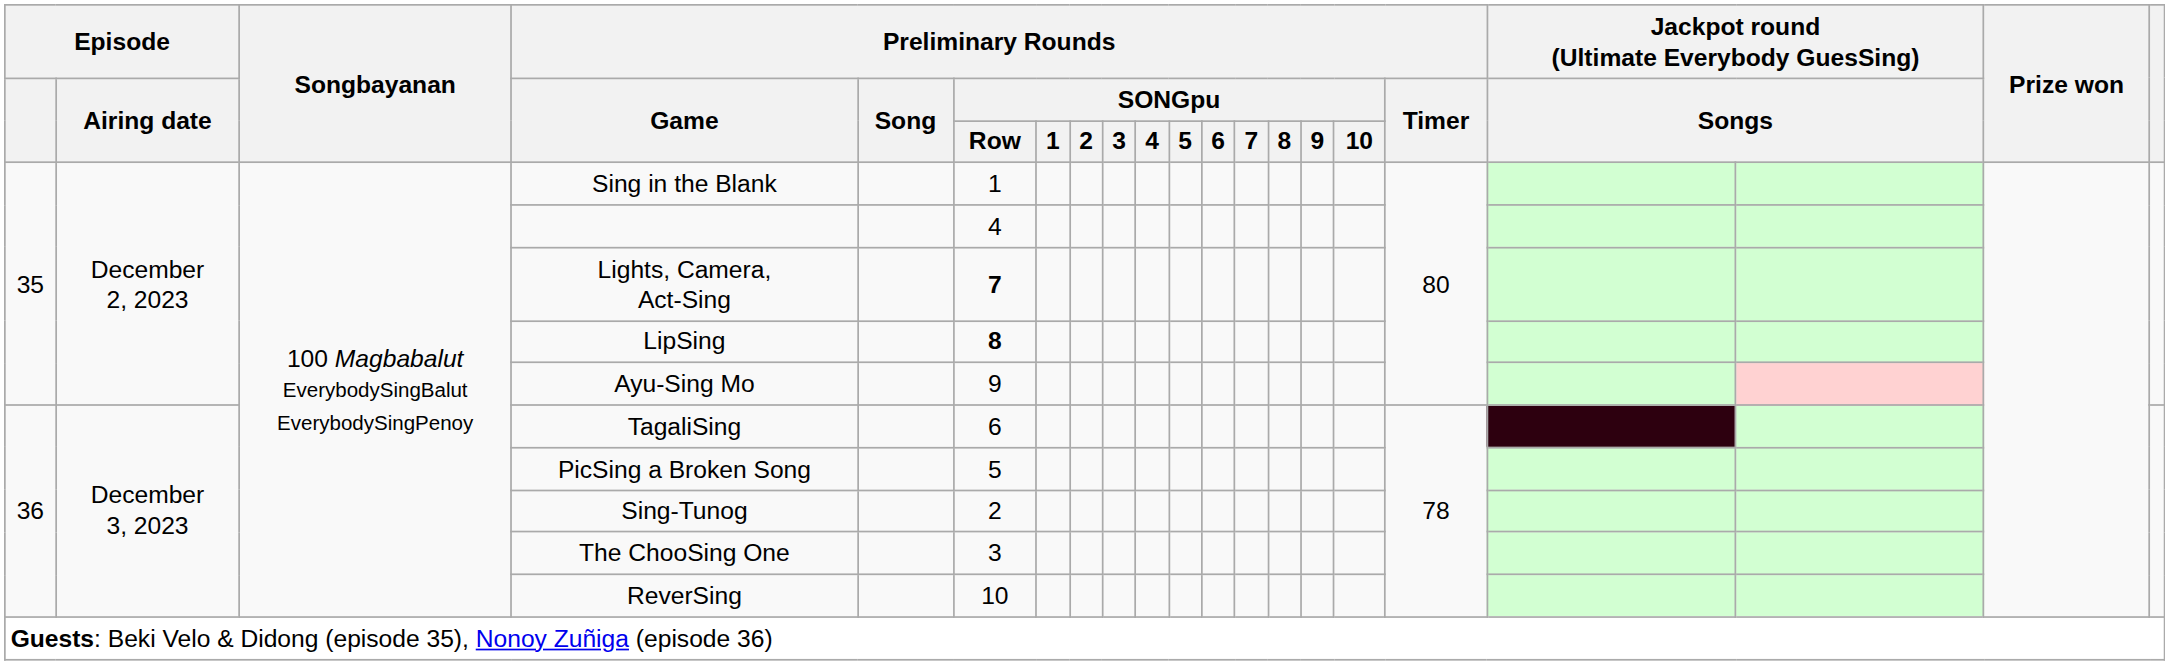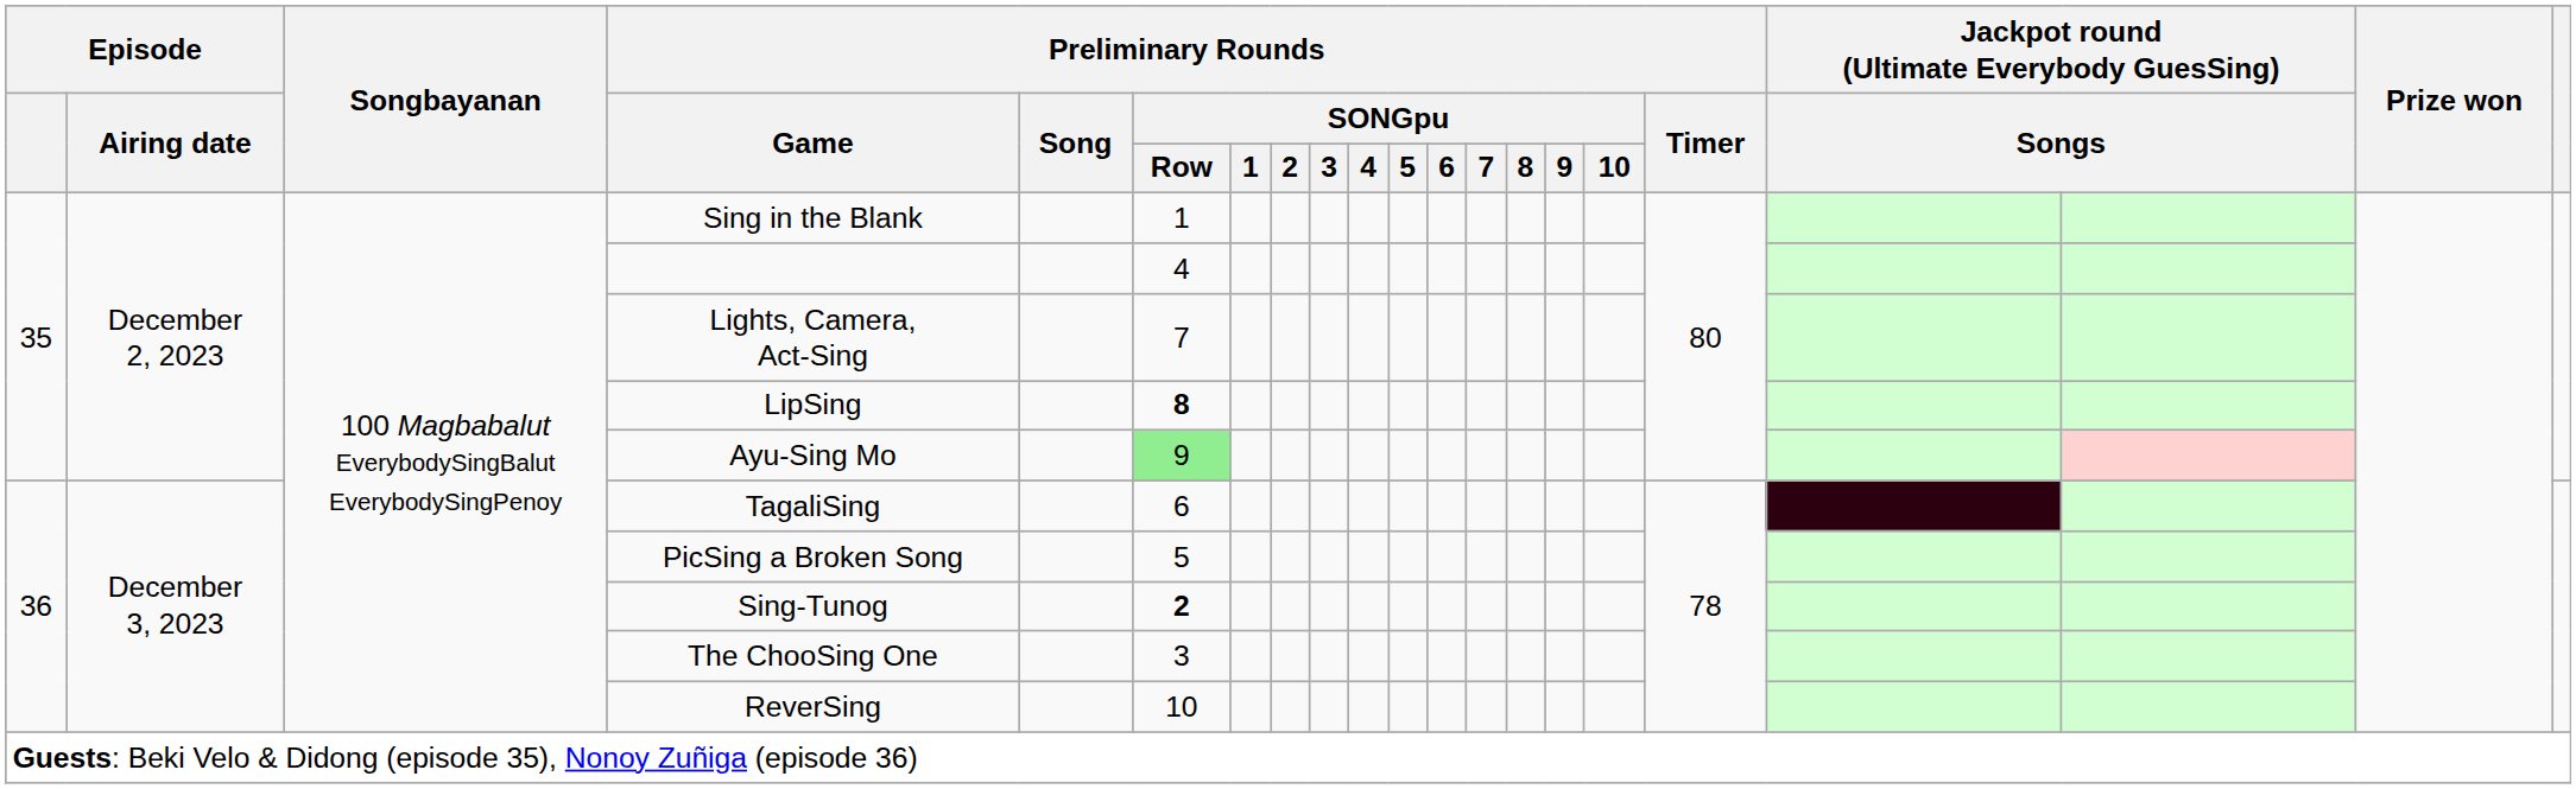 <table class="wikitable mw-collapsible mw-collapsed" style="text-align:center; font-size:90%; line-height:18px;" width="100%">
 <tr>
 <th colspan=2>Episode</th>
 <th rowspan=3>Songbayanan</th>
 <th colspan=14>Preliminary Rounds</th>
 <th colspan=2>Jackpot round<br><strong>(Ultimate Everybody GuesSing)</strong></th>
 <th rowspan=3>Prize won</th>
 <th rowspan=3></th>
 </tr>
 <tr>
 <th rowspan=2></th>
 <th rowspan=2>Airing date</th>
 <th rowspan=2>Game</th>
 <th rowspan=2>Song</th>
 <th colspan=11>SONGpu</th>
 <th rowspan=2>Timer</th>
 <th colspan=2 rowspan=2>Songs</th>
 </tr>
 <tr>
 <th>Row</th>
 <th>1</th>
 <th>2</th>
 <th>3</th>
 <th>4</th>
 <th>5</th>
 <th>6</th>
 <th>7</th>
 <th>8</th>
 <th>9</th>
 <th>10</th>
 </tr>
 <tr>
 <td rowspan=5>35</td>
 <td rowspan=5>December<br>2, 2023</td>
 <td rowspan=10>100 <em>Magbabalut</em><br><small>EverybodySingBalut<br>EverybodySingPenoy</small></td>
 <td>Sing in the Blank</td>
 <td></td>
 <td>1</td>
 <td></td>
 <td></td>
 <td></td>
 <td></td>
 <td></td>
 <td></td>
 <td></td>
 <td></td>
 <td></td>
 <td></td>
 <td rowspan=5>80<br></td>
 <td bgcolor=D2FFD2></td>
 <td bgcolor=D2FFD2></td>
 <td rowspan=10></td>
 <td rowspan=5><br></td>
 </tr>
 <tr>
 <td></td>
 <td></td>
 <td>4</td>
 <td></td>
 <td></td>
 <td></td>
 <td></td>
 <td></td>
 <td></td>
 <td></td>
 <td></td>
 <td></td>
 <td></td>
 <td bgcolor=D2FFD2></td>
 <td bgcolor=D2FFD2></td>
 </tr>
 <tr>
 <td>Lights, Camera,<br>Act-Sing</td>
 <td></td>
-<td><strong>7</strong></td>
+<td>7</td>
 <td></td>
 <td></td>
 <td></td>
 <td></td>
 <td></td>
 <td></td>
 <td></td>
 <td></td>
 <td></td>
 <td></td>
 <td bgcolor=D2FFD2></td>
 <td bgcolor=D2FFD2></td>
 </tr>
 <tr>
 <td>LipSing</td>
 <td></td>
 <td><strong>8</strong></td>
 <td></td>
 <td></td>
 <td></td>
 <td></td>
 <td></td>
 <td></td>
 <td></td>
 <td></td>
 <td></td>
 <td></td>
 <td bgcolor=D2FFD2></td>
 <td bgcolor=D2FFD2></td>
 </tr>
 <tr>
 <td>Ayu-Sing Mo</td>
 <td></td>
-<td>9</td>
+<td style="background: lightgreen;">9</td>
 <td></td>
 <td></td>
 <td></td>
 <td></td>
 <td></td>
 <td></td>
 <td></td>
 <td></td>
 <td></td>
 <td></td>
 <td bgcolor=D2FFD2></td>
 <td bgcolor=FFD2D2></td>
 </tr>
 <tr>
 <td rowspan=5>36</td>
 <td rowspan=5>December<br>3, 2023</td>
 <td>TagaliSing</td>
 <td></td>
 <td>6</td>
 <td></td>
 <td></td>
 <td></td>
 <td></td>
 <td></td>
 <td></td>
 <td></td>
 <td></td>
 <td></td>
 <td></td>
 <td rowspan=5>78<br></td>
 <td bgcolor="FFD2D2; border:solid 4px #FFD700;"></td>
 <td bgcolor=D2FFD2></td>
 <td rowspan=5><br></td>
 </tr>
 <tr>
 <td>PicSing a Broken Song</td>
 <td></td>
 <td>5</td>
 <td></td>
 <td></td>
 <td></td>
 <td></td>
 <td></td>
 <td></td>
 <td></td>
 <td></td>
 <td></td>
 <td></td>
 <td bgcolor=D2FFD2></td>
 <td bgcolor=D2FFD2></td>
 </tr>
 <tr>
 <td>Sing-Tunog</td>
 <td></td>
-<td>2</td>
+<td><strong>2</strong></td>
 <td></td>
 <td></td>
 <td></td>
 <td></td>
 <td></td>
 <td></td>
 <td></td>
 <td></td>
 <td></td>
 <td></td>
 <td bgcolor=D2FFD2></td>
 <td bgcolor=D2FFD2></td>
 </tr>
 <tr>
 <td>The ChooSing One</td>
 <td></td>
 <td>3</td>
 <td></td>
 <td></td>
 <td></td>
 <td></td>
 <td></td>
 <td></td>
 <td></td>
 <td></td>
 <td></td>
 <td></td>
 <td bgcolor=D2FFD2></td>
 <td bgcolor=D2FFD2></td>
 </tr>
 <tr>
 <td>ReverSing</td>
 <td></td>
 <td>10</td>
 <td></td>
 <td></td>
 <td></td>
 <td></td>
 <td></td>
 <td></td>
 <td></td>
 <td></td>
 <td></td>
 <td></td>
 <td bgcolor=D2FFD2></td>
 <td bgcolor=D2FFD2></td>
 </tr>
 <tr>
 <td colspan=21 style="background:white;" align="left"><strong>Guests</strong>: Beki Velo & Didong (episode 35), <a href='#'>Nonoy Zuñiga</a> (episode 36)</td>
 </tr>
 </table>
